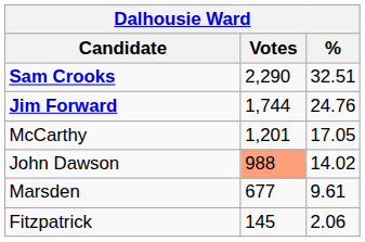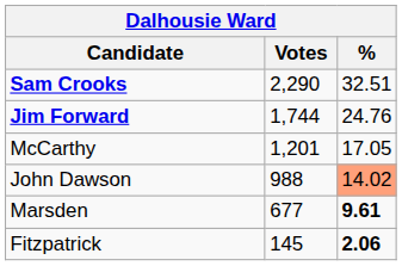 <table class="wikitable">
 <tr>
 <th colspan="3"><a href='#'>Dalhousie Ward</a></th>
 </tr>
 <tr>
 <th style="width: 200px">Candidate</th>
 <th style="width: 50px">Votes</th>
 <th style="width: 40px">%</th>
 </tr>
 <tr>
 <td><strong><a href='#'>Sam Crooks</a></strong></td>
 <td>2,290</td>
 <td>32.51</td>
 </tr>
 <tr>
 <td><strong><a href='#'>Jim Forward</a></strong></td>
 <td>1,744</td>
 <td>24.76</td>
 </tr>
 <tr>
 <td>McCarthy</td>
 <td>1,201</td>
 <td>17.05</td>
 </tr>
 <tr>
 <td>John Dawson</td>
-<td style="background: lightsalmon;">988</td>
-<td>14.02</td>
+<td>988</td>
+<td style="background: lightsalmon;">14.02</td>
 </tr>
 <tr>
 <td>Marsden</td>
 <td>677</td>
-<td>9.61</td>
+<td><strong>9.61</strong></td>
 </tr>
 <tr>
 <td>Fitzpatrick</td>
 <td>145</td>
-<td>2.06</td>
+<td><strong>2.06</strong></td>
 </tr>
 </table>
